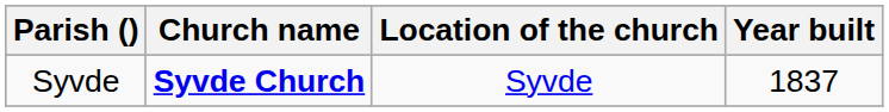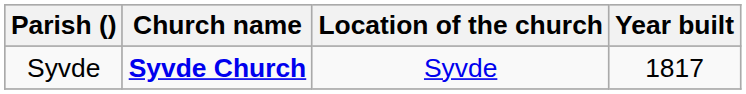 <table class="wikitable" style="text-align:center">
 <tr>
 <th>Parish ()</th>
 <th>Church name</th>
 <th>Location of the church</th>
 <th>Year built</th>
 </tr>
 <tr>
 <td rowspan="1">Syvde</td>
 <td><strong><a href='#'>Syvde Church</a></strong></td>
 <td><a href='#'>Syvde</a></td>
-<td>1837</td>
+<td>1817</td>
 </tr>
 </table>
